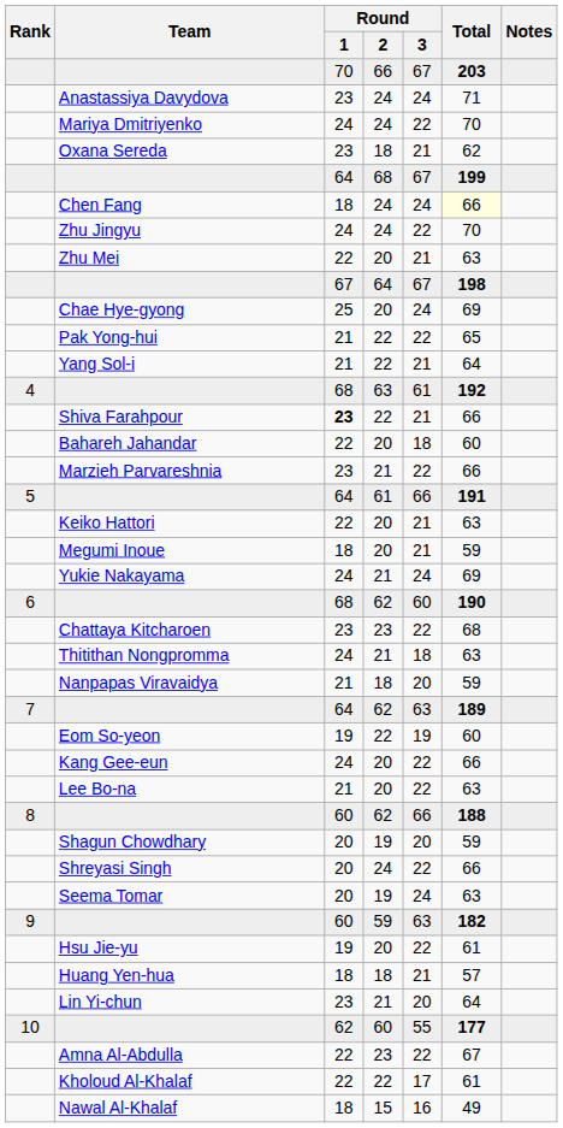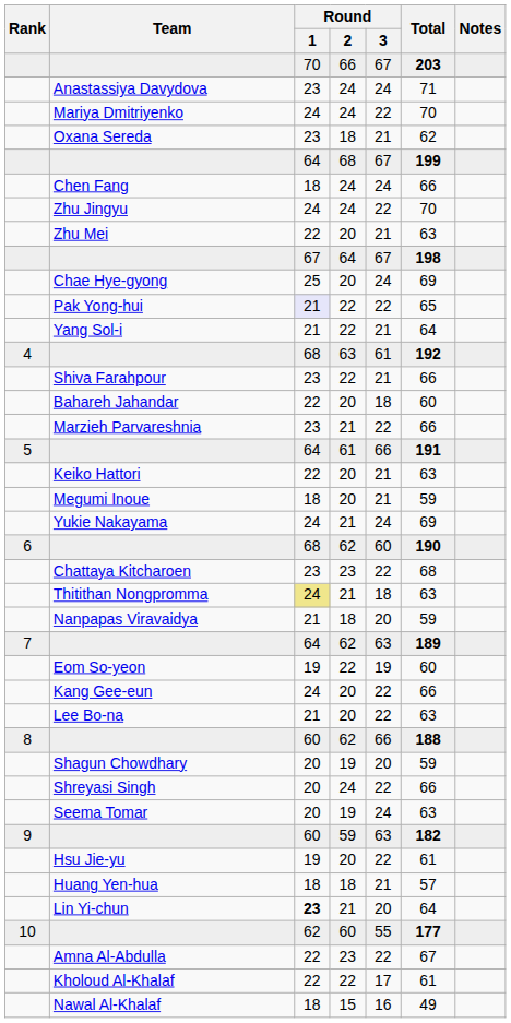 <table class="wikitable" style="text-align:center">
 <tr>
 <th rowspan=2 width=40>Rank</th>
 <th rowspan=2 width=250>Team</th>
 <th colspan=3>Round</th>
 <th rowspan=2 width=50>Total</th>
 <th rowspan=2 width=45>Notes</th>
 </tr>
 <tr>
 <th width=30>1</th>
 <th width=30>2</th>
 <th width=30>3</th>
 </tr>
 <tr bgcolor=eeeeee>
 <td></td>
 <td align=left></td>
 <td>70</td>
 <td>66</td>
 <td>67</td>
 <td><strong>203</strong></td>
 <td></td>
 </tr>
 <tr>
 <td></td>
 <td align=left><a href='#'>Anastassiya Davydova</a></td>
 <td>23</td>
 <td>24</td>
 <td>24</td>
 <td>71</td>
 <td></td>
 </tr>
 <tr>
 <td></td>
 <td align=left><a href='#'>Mariya Dmitriyenko</a></td>
 <td>24</td>
 <td>24</td>
 <td>22</td>
 <td>70</td>
 <td></td>
 </tr>
 <tr>
 <td></td>
 <td align=left><a href='#'>Oxana Sereda</a></td>
 <td>23</td>
 <td>18</td>
 <td>21</td>
 <td>62</td>
 <td></td>
 </tr>
 <tr bgcolor=eeeeee>
 <td></td>
 <td align=left></td>
 <td>64</td>
 <td>68</td>
 <td>67</td>
 <td><strong>199</strong></td>
 <td></td>
 </tr>
 <tr>
 <td></td>
 <td align=left><a href='#'>Chen Fang</a></td>
 <td>18</td>
 <td>24</td>
 <td>24</td>
-<td style="background: lightyellow;">66</td>
+<td>66</td>
 <td></td>
 </tr>
 <tr>
 <td></td>
 <td align=left><a href='#'>Zhu Jingyu</a></td>
 <td>24</td>
 <td>24</td>
 <td>22</td>
 <td>70</td>
 <td></td>
 </tr>
 <tr>
 <td></td>
 <td align=left><a href='#'>Zhu Mei</a></td>
 <td>22</td>
 <td>20</td>
 <td>21</td>
 <td>63</td>
 <td></td>
 </tr>
 <tr bgcolor=eeeeee>
 <td></td>
 <td align=left></td>
 <td>67</td>
 <td>64</td>
 <td>67</td>
 <td><strong>198</strong></td>
 <td></td>
 </tr>
 <tr>
 <td></td>
 <td align=left><a href='#'>Chae Hye-gyong</a></td>
 <td>25</td>
 <td>20</td>
 <td>24</td>
 <td>69</td>
 <td></td>
 </tr>
 <tr>
 <td></td>
 <td align=left><a href='#'>Pak Yong-hui</a></td>
-<td>21</td>
+<td style="background: lavender;">21</td>
 <td>22</td>
 <td>22</td>
 <td>65</td>
 <td></td>
 </tr>
 <tr>
 <td></td>
 <td align=left><a href='#'>Yang Sol-i</a></td>
 <td>21</td>
 <td>22</td>
 <td>21</td>
 <td>64</td>
 <td></td>
 </tr>
 <tr bgcolor=eeeeee>
 <td>4</td>
 <td align=left></td>
 <td>68</td>
 <td>63</td>
 <td>61</td>
 <td><strong>192</strong></td>
 <td></td>
 </tr>
 <tr>
 <td></td>
 <td align=left><a href='#'>Shiva Farahpour</a></td>
-<td><strong>23</strong></td>
+<td>23</td>
 <td>22</td>
 <td>21</td>
 <td>66</td>
 <td></td>
 </tr>
 <tr>
 <td></td>
 <td align=left><a href='#'>Bahareh Jahandar</a></td>
 <td>22</td>
 <td>20</td>
 <td>18</td>
 <td>60</td>
 <td></td>
 </tr>
 <tr>
 <td></td>
 <td align=left><a href='#'>Marzieh Parvareshnia</a></td>
 <td>23</td>
 <td>21</td>
 <td>22</td>
 <td>66</td>
 <td></td>
 </tr>
 <tr bgcolor=eeeeee>
 <td>5</td>
 <td align=left></td>
 <td>64</td>
 <td>61</td>
 <td>66</td>
 <td><strong>191</strong></td>
 <td></td>
 </tr>
 <tr>
 <td></td>
 <td align=left><a href='#'>Keiko Hattori</a></td>
 <td>22</td>
 <td>20</td>
 <td>21</td>
 <td>63</td>
 <td></td>
 </tr>
 <tr>
 <td></td>
 <td align=left><a href='#'>Megumi Inoue</a></td>
 <td>18</td>
 <td>20</td>
 <td>21</td>
 <td>59</td>
 <td></td>
 </tr>
 <tr>
 <td></td>
 <td align=left><a href='#'>Yukie Nakayama</a></td>
 <td>24</td>
 <td>21</td>
 <td>24</td>
 <td>69</td>
 <td></td>
 </tr>
 <tr bgcolor=eeeeee>
 <td>6</td>
 <td align=left></td>
 <td>68</td>
 <td>62</td>
 <td>60</td>
 <td><strong>190</strong></td>
 <td></td>
 </tr>
 <tr>
 <td></td>
 <td align=left><a href='#'>Chattaya Kitcharoen</a></td>
 <td>23</td>
 <td>23</td>
 <td>22</td>
 <td>68</td>
 <td></td>
 </tr>
 <tr>
 <td></td>
 <td align=left><a href='#'>Thitithan Nongpromma</a></td>
-<td>24</td>
+<td style="background: khaki;">24</td>
 <td>21</td>
 <td>18</td>
 <td>63</td>
 <td></td>
 </tr>
 <tr>
 <td></td>
 <td align=left><a href='#'>Nanpapas Viravaidya</a></td>
 <td>21</td>
 <td>18</td>
 <td>20</td>
 <td>59</td>
 <td></td>
 </tr>
 <tr bgcolor=eeeeee>
 <td>7</td>
 <td align=left></td>
 <td>64</td>
 <td>62</td>
 <td>63</td>
 <td><strong>189</strong></td>
 <td></td>
 </tr>
 <tr>
 <td></td>
 <td align=left><a href='#'>Eom So-yeon</a></td>
 <td>19</td>
 <td>22</td>
 <td>19</td>
 <td>60</td>
 <td></td>
 </tr>
 <tr>
 <td></td>
 <td align=left><a href='#'>Kang Gee-eun</a></td>
 <td>24</td>
 <td>20</td>
 <td>22</td>
 <td>66</td>
 <td></td>
 </tr>
 <tr>
 <td></td>
 <td align=left><a href='#'>Lee Bo-na</a></td>
 <td>21</td>
 <td>20</td>
 <td>22</td>
 <td>63</td>
 <td></td>
 </tr>
 <tr bgcolor=eeeeee>
 <td>8</td>
 <td align=left></td>
 <td>60</td>
 <td>62</td>
 <td>66</td>
 <td><strong>188</strong></td>
 <td></td>
 </tr>
 <tr>
 <td></td>
 <td align=left><a href='#'>Shagun Chowdhary</a></td>
 <td>20</td>
 <td>19</td>
 <td>20</td>
 <td>59</td>
 <td></td>
 </tr>
 <tr>
 <td></td>
 <td align=left><a href='#'>Shreyasi Singh</a></td>
 <td>20</td>
 <td>24</td>
 <td>22</td>
 <td>66</td>
 <td></td>
 </tr>
 <tr>
 <td></td>
 <td align=left><a href='#'>Seema Tomar</a></td>
 <td>20</td>
 <td>19</td>
 <td>24</td>
 <td>63</td>
 <td></td>
 </tr>
 <tr bgcolor=eeeeee>
 <td>9</td>
 <td align=left></td>
 <td>60</td>
 <td>59</td>
 <td>63</td>
 <td><strong>182</strong></td>
 <td></td>
 </tr>
 <tr>
 <td></td>
 <td align=left><a href='#'>Hsu Jie-yu</a></td>
 <td>19</td>
 <td>20</td>
 <td>22</td>
 <td>61</td>
 <td></td>
 </tr>
 <tr>
 <td></td>
 <td align=left><a href='#'>Huang Yen-hua</a></td>
 <td>18</td>
 <td>18</td>
 <td>21</td>
 <td>57</td>
 <td></td>
 </tr>
 <tr>
 <td></td>
 <td align=left><a href='#'>Lin Yi-chun</a></td>
-<td>23</td>
+<td><strong>23</strong></td>
 <td>21</td>
 <td>20</td>
 <td>64</td>
 <td></td>
 </tr>
 <tr bgcolor=eeeeee>
 <td>10</td>
 <td align=left></td>
 <td>62</td>
 <td>60</td>
 <td>55</td>
 <td><strong>177</strong></td>
 <td></td>
 </tr>
 <tr>
 <td></td>
 <td align=left><a href='#'>Amna Al-Abdulla</a></td>
 <td>22</td>
 <td>23</td>
 <td>22</td>
 <td>67</td>
 <td></td>
 </tr>
 <tr>
 <td></td>
 <td align=left><a href='#'>Kholoud Al-Khalaf</a></td>
 <td>22</td>
 <td>22</td>
 <td>17</td>
 <td>61</td>
 <td></td>
 </tr>
 <tr>
 <td></td>
 <td align=left><a href='#'>Nawal Al-Khalaf</a></td>
 <td>18</td>
 <td>15</td>
 <td>16</td>
 <td>49</td>
 <td></td>
 </tr>
 </table>
